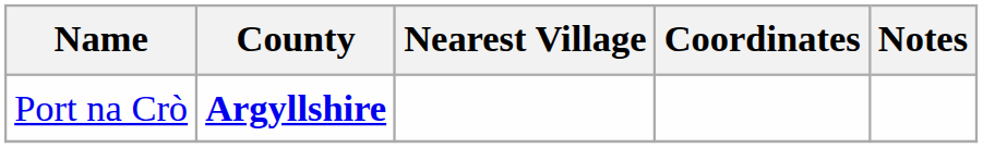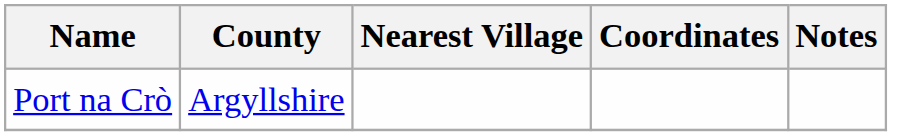 <table class="wikitable sortable" style="table-layout:fixed;background-color:#FEFEFE;font-size:95%;padding:0.30em;line-height:1.35em;">
 <tr>
 <th scope="col">Name</th>
 <th scope="col">County</th>
 <th scope="col">Nearest Village</th>
 <th scope="col" data-sort-type="number">Coordinates</th>
 <th scope="col">Notes</th>
 </tr>
 <tr>
 <td><a href='#'>Port na Crò</a></td>
-<td><strong><a href='#'>Argyllshire</a></strong></td>
+<td><a href='#'>Argyllshire</a></td>
 <td></td>
 <td></td>
 <td></td>
 </tr>
 <tr>
 </tr>
 </table>
